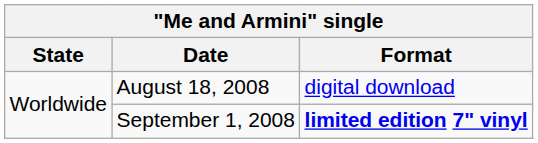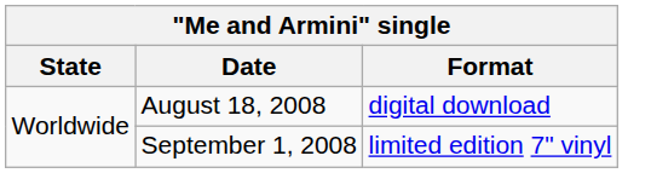 <table class="wikitable">
 <tr>
 <th colspan="3">"Me and Armini" single</th>
 </tr>
 <tr>
 <th>State</th>
 <th>Date</th>
 <th>Format</th>
 </tr>
 <tr>
 <td rowspan="2">Worldwide</td>
 <td>August 18, 2008</td>
 <td><a href='#'>digital download</a></td>
 </tr>
 <tr>
 <td>September 1, 2008</td>
-<td><strong><a href='#'>limited edition</a> <a href='#'>7" vinyl</a></strong></td>
+<td><a href='#'>limited edition</a> <a href='#'>7" vinyl</a></td>
 </tr>
 </table>
